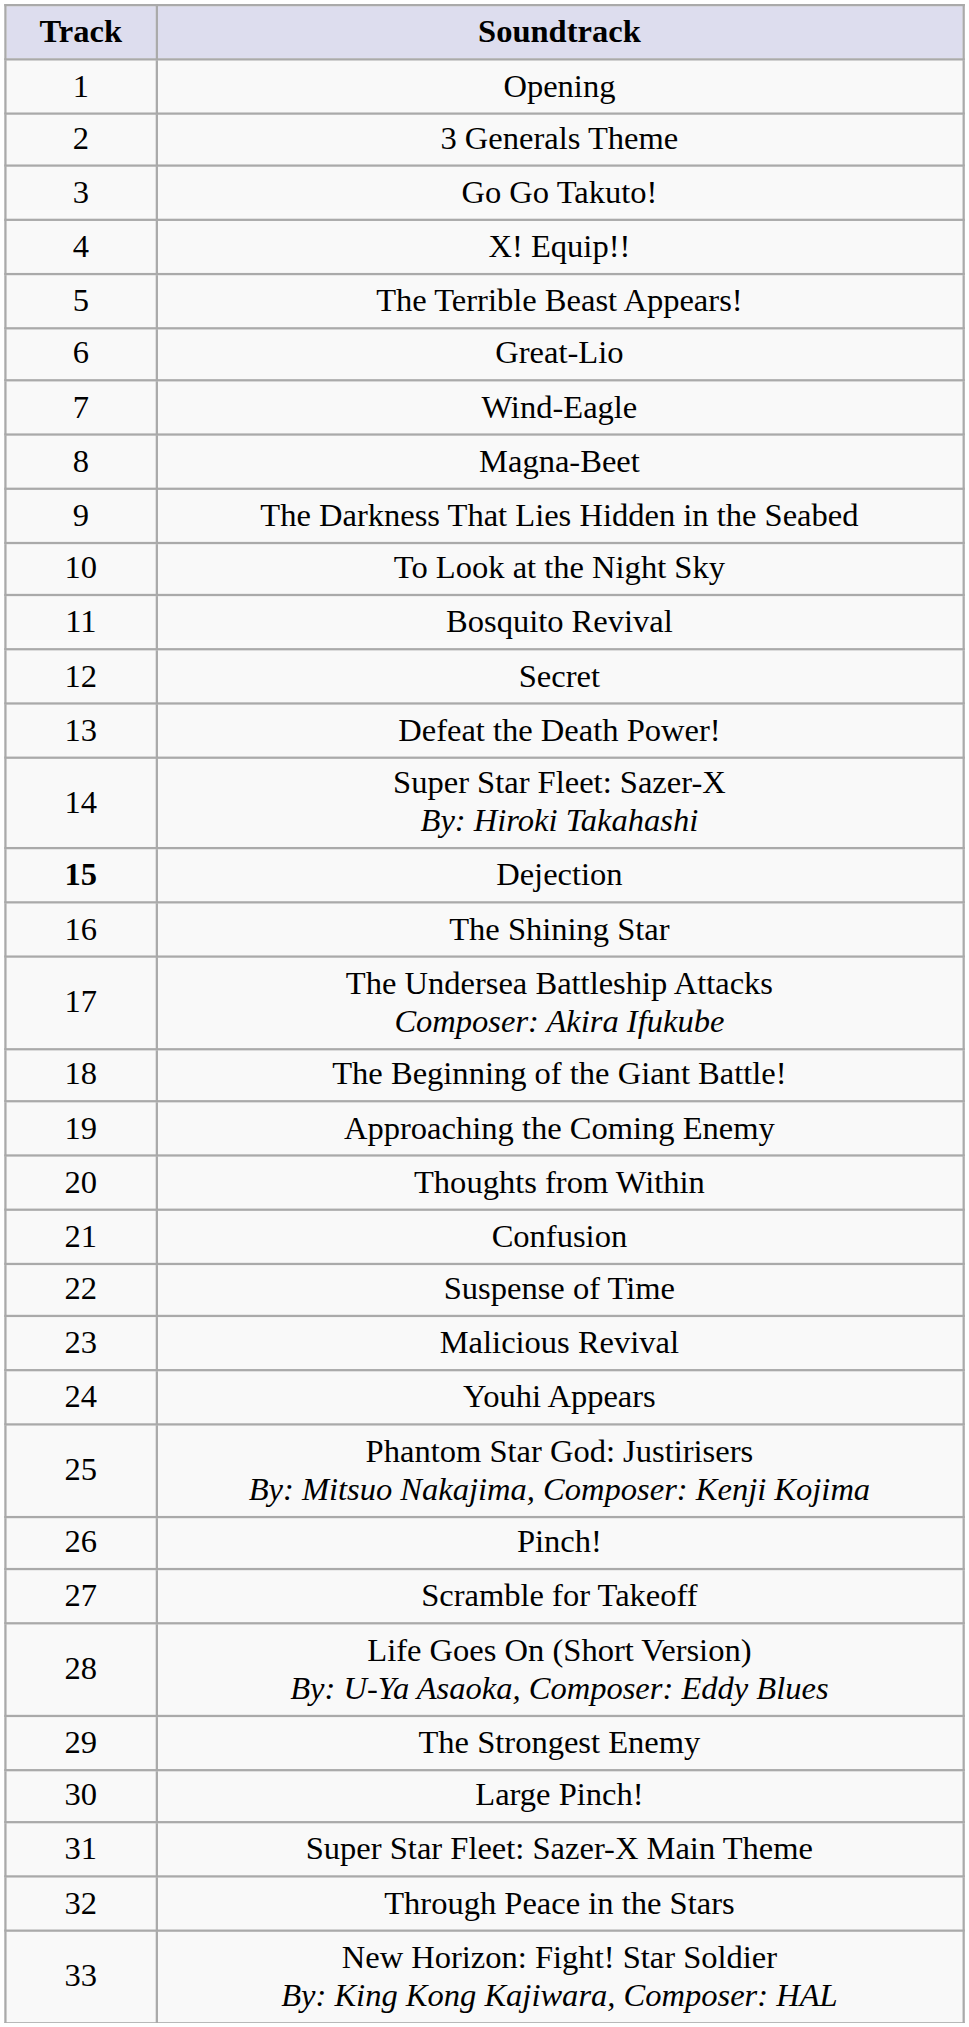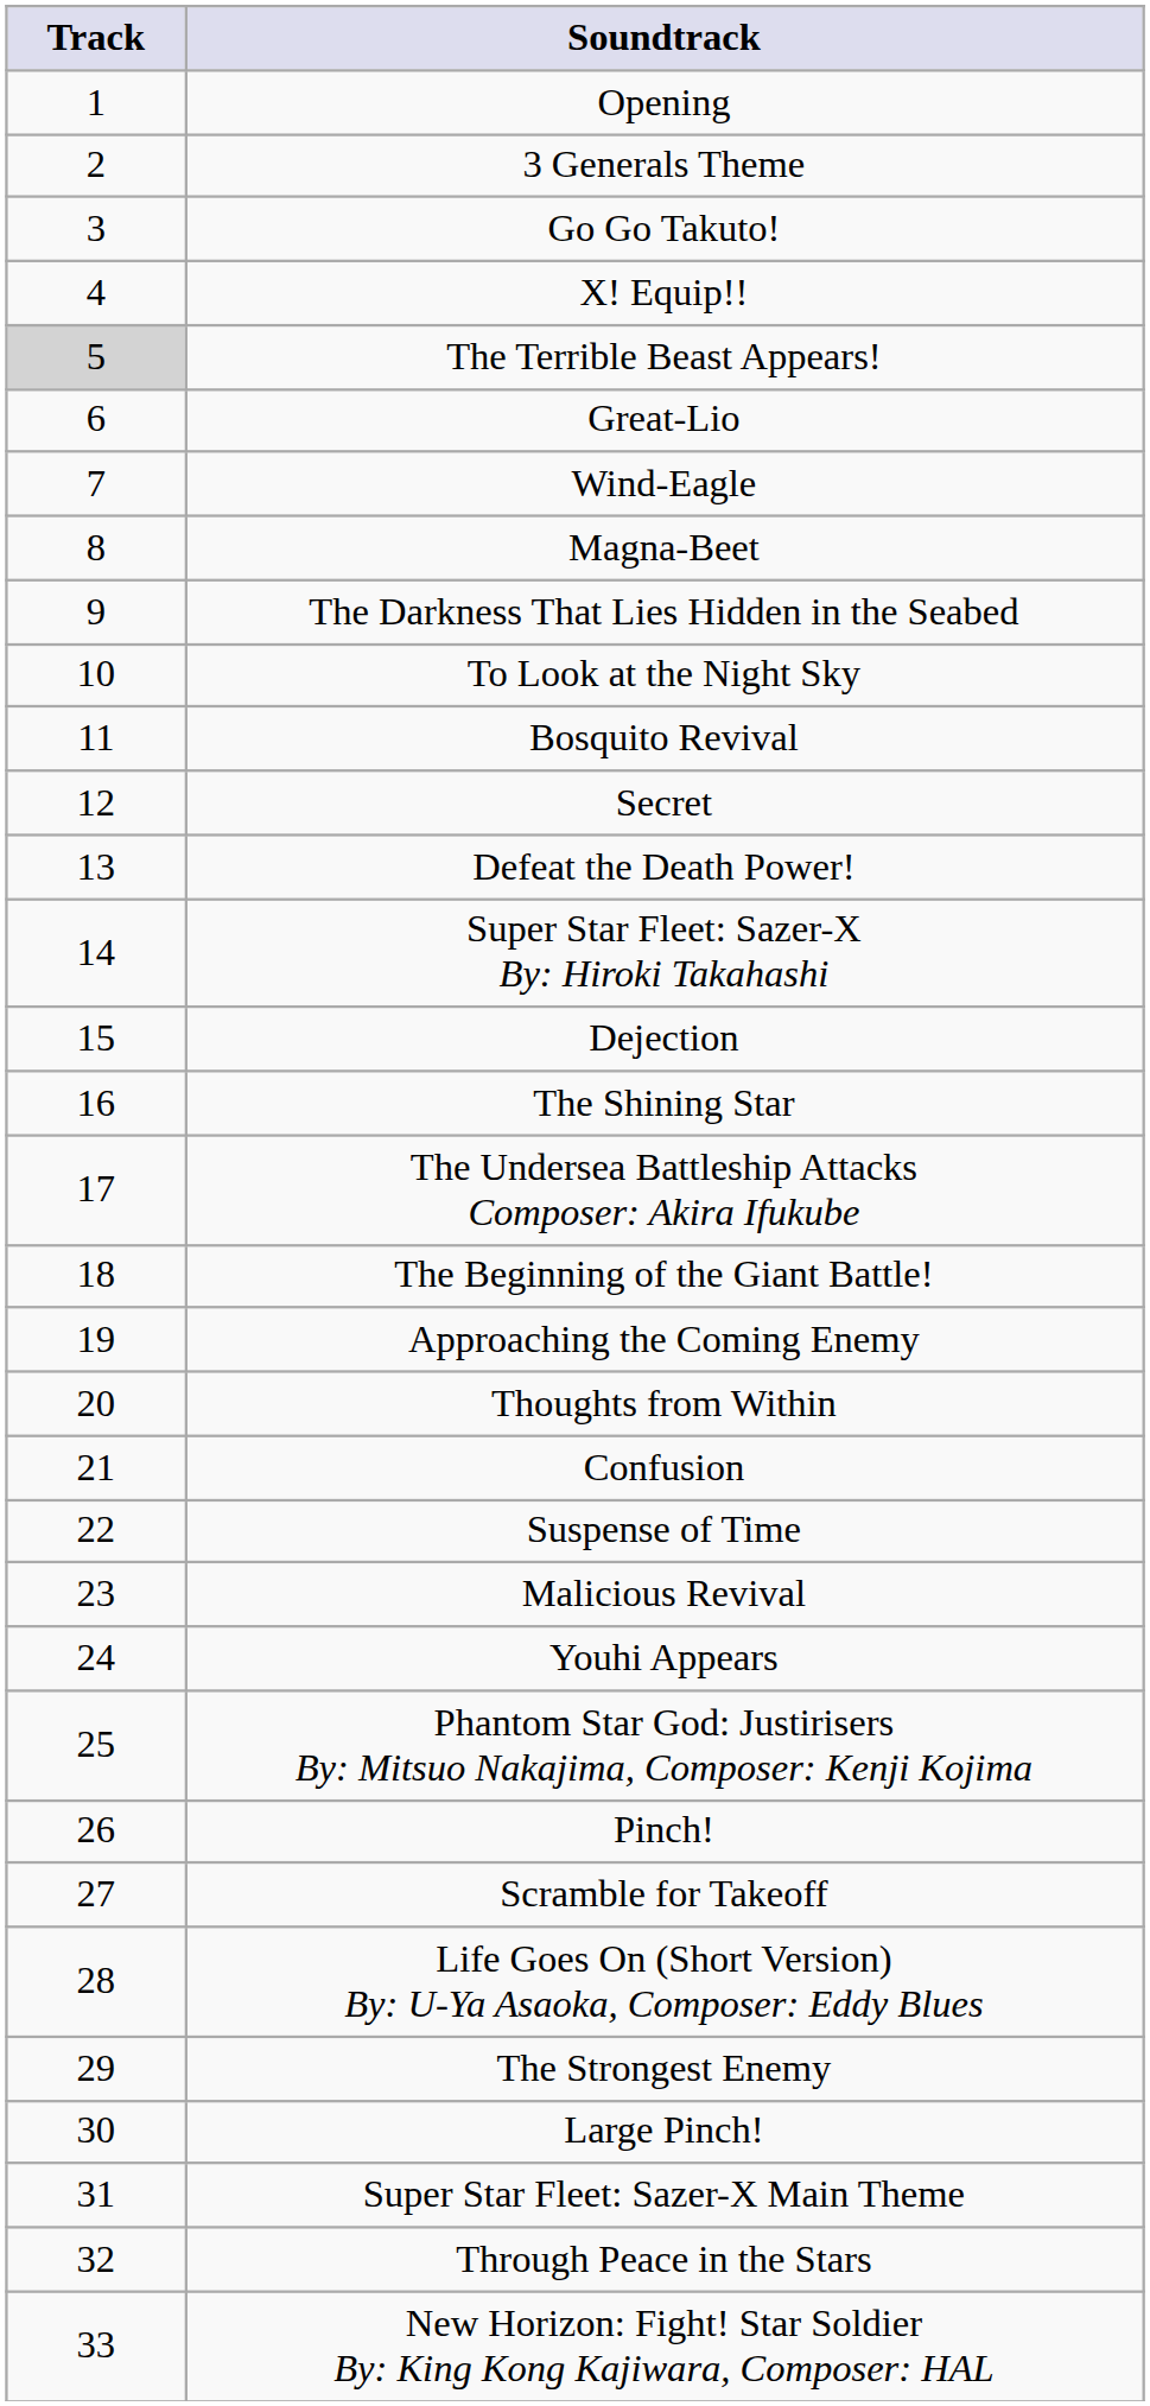 <table class="wikitable sortable collapsible collapsed" style="font-size:90%; text-align:center; margin: 5px;">
 <tr>
 <th style="background:#dde; width:60px;">Track</th>
 <th style="background:#dde; width:350px;">Soundtrack</th>
 </tr>
 <tr>
 <td>1</td>
 <td>Opening</td>
 </tr>
 <tr>
 <td>2</td>
 <td>3 Generals Theme</td>
 </tr>
 <tr>
 <td>3</td>
 <td>Go Go Takuto!</td>
 </tr>
 <tr>
 <td>4</td>
 <td>X! Equip!!</td>
 </tr>
 <tr>
-<td>5</td>
+<td style="background: lightgrey;">5</td>
 <td>The Terrible Beast Appears!</td>
 </tr>
 <tr>
 <td>6</td>
 <td>Great-Lio</td>
 </tr>
 <tr>
 <td>7</td>
 <td>Wind-Eagle</td>
 </tr>
 <tr>
 <td>8</td>
 <td>Magna-Beet</td>
 </tr>
 <tr>
 <td>9</td>
 <td>The Darkness That Lies Hidden in the Seabed</td>
 </tr>
 <tr>
 <td>10</td>
 <td>To Look at the Night Sky</td>
 </tr>
 <tr>
 <td>11</td>
 <td>Bosquito Revival</td>
 </tr>
 <tr>
 <td>12</td>
 <td>Secret</td>
 </tr>
 <tr>
 <td>13</td>
 <td>Defeat the Death Power!</td>
 </tr>
 <tr>
 <td>14</td>
 <td>Super Star Fleet: Sazer-X<br><em>By: Hiroki Takahashi</em></td>
 </tr>
 <tr>
-<td><strong>15</strong></td>
+<td>15</td>
 <td>Dejection</td>
 </tr>
 <tr>
 <td>16</td>
 <td>The Shining Star</td>
 </tr>
 <tr>
 <td>17</td>
 <td>The Undersea Battleship Attacks<br><em>Composer: Akira Ifukube</em></td>
 </tr>
 <tr>
 <td>18</td>
 <td>The Beginning of the Giant Battle!</td>
 </tr>
 <tr>
 <td>19</td>
 <td>Approaching the Coming Enemy</td>
 </tr>
 <tr>
 <td>20</td>
 <td>Thoughts from Within</td>
 </tr>
 <tr>
 <td>21</td>
 <td>Confusion</td>
 </tr>
 <tr>
 <td>22</td>
 <td>Suspense of Time</td>
 </tr>
 <tr>
 <td>23</td>
 <td>Malicious Revival</td>
 </tr>
 <tr>
 <td>24</td>
 <td>Youhi Appears</td>
 </tr>
 <tr>
 <td>25</td>
 <td>Phantom Star God: Justirisers<br><em>By: Mitsuo Nakajima, Composer: Kenji Kojima</em></td>
 </tr>
 <tr>
 <td>26</td>
 <td>Pinch!</td>
 </tr>
 <tr>
 <td>27</td>
 <td>Scramble for Takeoff</td>
 </tr>
 <tr>
 <td>28</td>
 <td>Life Goes On (Short Version)<br><em>By: U-Ya Asaoka, Composer: Eddy Blues</em></td>
 </tr>
 <tr>
 <td>29</td>
 <td>The Strongest Enemy</td>
 </tr>
 <tr>
 <td>30</td>
 <td>Large Pinch!</td>
 </tr>
 <tr>
 <td>31</td>
 <td>Super Star Fleet: Sazer-X Main Theme</td>
 </tr>
 <tr>
 <td>32</td>
 <td>Through Peace in the Stars</td>
 </tr>
 <tr>
 <td>33</td>
 <td>New Horizon: Fight! Star Soldier<br><em>By: King Kong Kajiwara, Composer: HAL</em></td>
 </tr>
 </table>
